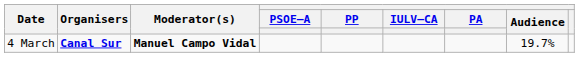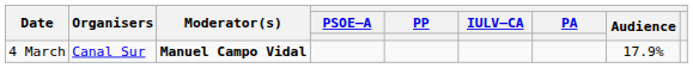 <table class="wikitable" style="text-align:center;">
 <tr>
 <th rowspan="3">Date</th>
 <th rowspan="3">Organisers</th>
 <th rowspan="3">Moderator(s)</th>
 <th colspan="6">  </th>
 </tr>
 <tr>
 <th scope="col" style="width:5em;"><a href='#'>PSOE–A</a></th>
 <th scope="col" style="width:5em;"><a href='#'>PP</a></th>
 <th scope="col" style="width:5em;"><a href='#'>IULV–CA</a></th>
 <th scope="col" style="width:5em;"><a href='#'>PA</a></th>
 <th rowspan="2" scope="col" style="width:5em;">Audience</th>
 <th rowspan="2"></th>
 </tr>
 <tr>
 <th style="color:inherit;background:"></th>
 <th style="color:inherit;background:"></th>
 <th style="color:inherit;background:"></th>
 <th style="color:inherit;background:"></th>
 </tr>
 <tr>
 <td style="white-space:nowrap; text-align:left;">4 March</td>
-<td style="white-space:nowrap; text-align:left;"><strong><a href='#'>Canal Sur</a></strong></td>
+<td style="white-space:nowrap; text-align:left;"><a href='#'>Canal Sur</a></td>
 <td style="white-space:nowrap; text-align:left;"><strong>Manuel Campo Vidal</strong></td>
 <td></td>
 <td></td>
 <td></td>
 <td></td>
-<td>19.7%<br></td>
+<td>17.9%<br></td>
 <td><br></td>
 </tr>
 </table>
